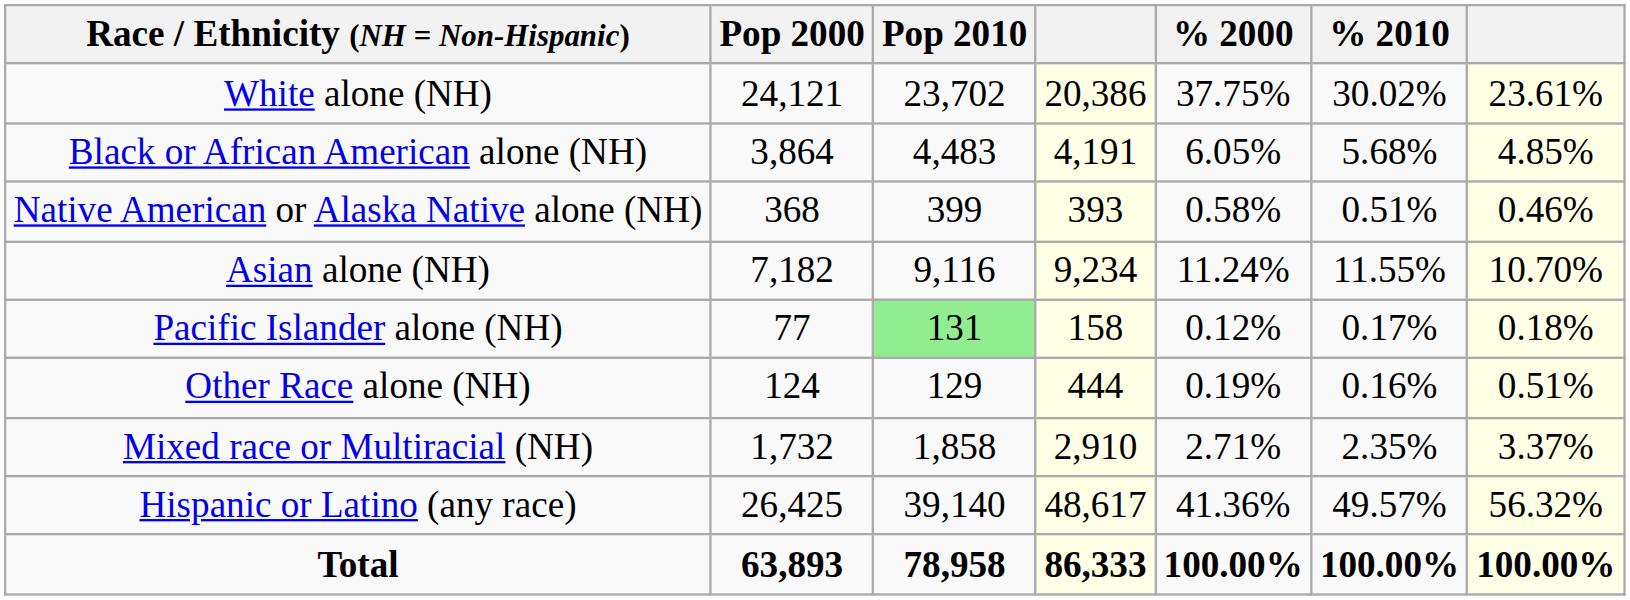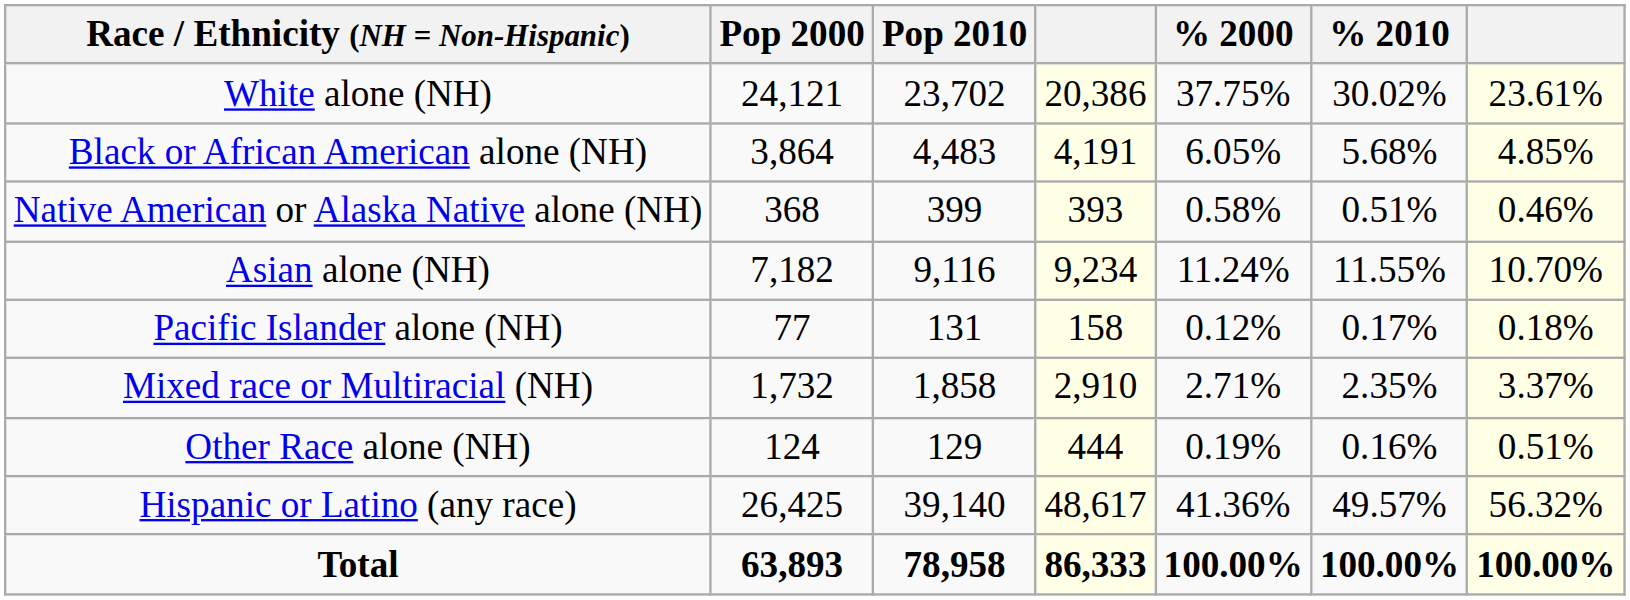 <table class="wikitable" style="text-align:center;">
 <tr>
 <th>Race / Ethnicity <small>(<em>NH = Non-Hispanic</em>)</small></th>
 <th>Pop 2000</th>
 <th>Pop 2010</th>
 <th></th>
 <th>% 2000</th>
 <th>% 2010</th>
 <th></th>
 </tr>
 <tr>
 <td><a href='#'>White</a> alone (NH)</td>
 <td>24,121</td>
 <td>23,702</td>
 <td style='background: #ffffe6;'>20,386</td>
 <td>37.75%</td>
 <td>30.02%</td>
 <td style='background: #ffffe6;'>23.61%</td>
 </tr>
 <tr>
 <td><a href='#'>Black or African American</a> alone (NH)</td>
 <td>3,864</td>
 <td>4,483</td>
 <td style='background: #ffffe6;'>4,191</td>
 <td>6.05%</td>
 <td>5.68%</td>
 <td style='background: #ffffe6;'>4.85%</td>
 </tr>
 <tr>
 <td><a href='#'>Native American</a> or <a href='#'>Alaska Native</a> alone (NH)</td>
 <td>368</td>
 <td>399</td>
 <td style='background: #ffffe6;'>393</td>
 <td>0.58%</td>
 <td>0.51%</td>
 <td style='background: #ffffe6;'>0.46%</td>
 </tr>
 <tr>
 <td><a href='#'>Asian</a> alone (NH)</td>
 <td>7,182</td>
 <td>9,116</td>
 <td style='background: #ffffe6;'>9,234</td>
 <td>11.24%</td>
 <td>11.55%</td>
 <td style='background: #ffffe6;'>10.70%</td>
 </tr>
 <tr>
 <td><a href='#'>Pacific Islander</a> alone (NH)</td>
 <td>77</td>
-<td style="background: lightgreen;">131</td>
+<td>131</td>
 <td style='background: #ffffe6;'>158</td>
 <td>0.12%</td>
 <td>0.17%</td>
 <td style='background: #ffffe6;'>0.18%</td>
+</tr>
+<tr>
+<td><a href='#'>Mixed race or Multiracial</a> (NH)</td>
+<td>1,732</td>
+<td>1,858</td>
+<td style='background: #ffffe6;'>2,910</td>
+<td>2.71%</td>
+<td>2.35%</td>
+<td style='background: #ffffe6;'>3.37%</td>
 </tr>
 <tr>
 <td><a href='#'>Other Race</a> alone (NH)</td>
 <td>124</td>
 <td>129</td>
 <td style='background: #ffffe6;'>444</td>
 <td>0.19%</td>
 <td>0.16%</td>
 <td style='background: #ffffe6;'>0.51%</td>
-</tr>
-<tr>
-<td><a href='#'>Mixed race or Multiracial</a> (NH)</td>
-<td>1,732</td>
-<td>1,858</td>
-<td style='background: #ffffe6;'>2,910</td>
-<td>2.71%</td>
-<td>2.35%</td>
-<td style='background: #ffffe6;'>3.37%</td>
 </tr>
 <tr>
 <td><a href='#'>Hispanic or Latino</a> (any race)</td>
 <td>26,425</td>
 <td>39,140</td>
 <td style='background: #ffffe6;'>48,617</td>
 <td>41.36%</td>
 <td>49.57%</td>
 <td style='background: #ffffe6;'>56.32%</td>
 </tr>
 <tr>
 <td><strong>Total</strong></td>
 <td><strong>63,893</strong></td>
 <td><strong>78,958</strong></td>
 <td style='background: #ffffe6;'><strong>86,333</strong></td>
 <td><strong>100.00%</strong></td>
 <td><strong>100.00%</strong></td>
 <td style='background: #ffffe6;'><strong>100.00%</strong></td>
 </tr>
 </table>
